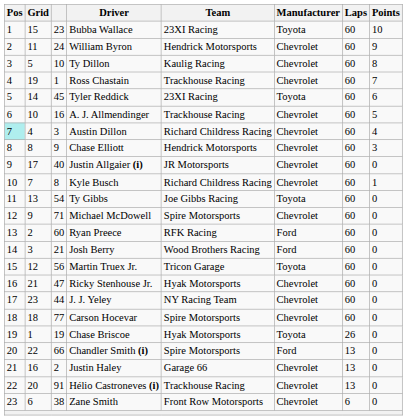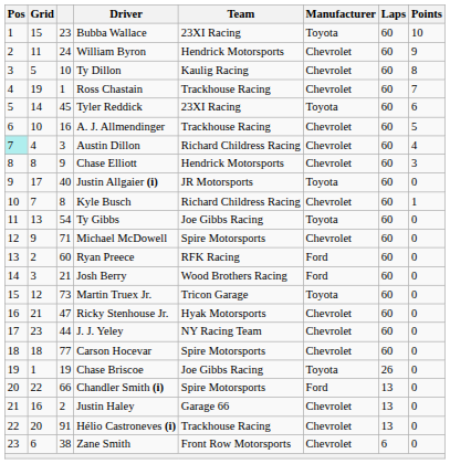 <table class="wikitable" style="font-size:98%">
 <tr>
 <th>Pos</th>
 <th>Grid</th>
 <th></th>
 <th>Driver</th>
 <th>Team</th>
 <th>Manufacturer</th>
 <th>Laps</th>
 <th>Points</th>
 </tr>
 <tr>
 <td>1</td>
 <td>15</td>
 <td>23</td>
 <td>Bubba Wallace</td>
 <td>23XI Racing</td>
 <td>Toyota</td>
 <td>60</td>
 <td>10</td>
 </tr>
 <tr>
 <td>2</td>
 <td>11</td>
 <td>24</td>
 <td>William Byron</td>
 <td>Hendrick Motorsports</td>
 <td>Chevrolet</td>
 <td>60</td>
 <td>9</td>
 </tr>
 <tr>
 <td>3</td>
 <td>5</td>
 <td>10</td>
 <td>Ty Dillon</td>
 <td>Kaulig Racing</td>
 <td>Chevrolet</td>
 <td>60</td>
 <td>8</td>
 </tr>
 <tr>
 <td>4</td>
 <td>19</td>
 <td>1</td>
 <td>Ross Chastain</td>
 <td>Trackhouse Racing</td>
 <td>Chevrolet</td>
 <td>60</td>
 <td>7</td>
 </tr>
 <tr>
 <td>5</td>
 <td>14</td>
 <td>45</td>
 <td>Tyler Reddick</td>
 <td>23XI Racing</td>
 <td>Toyota</td>
 <td>60</td>
 <td>6</td>
 </tr>
 <tr>
 <td>6</td>
 <td>10</td>
 <td>16</td>
 <td>A. J. Allmendinger</td>
 <td>Trackhouse Racing</td>
 <td>Chevrolet</td>
 <td>60</td>
 <td>5</td>
 </tr>
 <tr>
 <td style="background: paleturquoise;">7</td>
 <td>4</td>
 <td>3</td>
 <td>Austin Dillon</td>
 <td>Richard Childress Racing</td>
 <td>Chevrolet</td>
 <td>60</td>
 <td>4</td>
 </tr>
 <tr>
 <td>8</td>
 <td>8</td>
 <td>9</td>
 <td>Chase Elliott</td>
 <td>Hendrick Motorsports</td>
 <td>Chevrolet</td>
 <td>60</td>
 <td>3</td>
 </tr>
 <tr>
 <td>9</td>
 <td>17</td>
 <td>40</td>
 <td>Justin Allgaier <strong>(i)</strong></td>
 <td>JR Motorsports</td>
-<td>Chevrolet</td>
+<td>Toyota</td>
 <td>60</td>
 <td>0</td>
 </tr>
 <tr>
 <td>10</td>
 <td>7</td>
 <td>8</td>
 <td>Kyle Busch</td>
 <td>Richard Childress Racing</td>
 <td>Chevrolet</td>
 <td>60</td>
 <td>1</td>
 </tr>
 <tr>
 <td>11</td>
 <td>13</td>
 <td>54</td>
 <td>Ty Gibbs</td>
 <td>Joe Gibbs Racing</td>
 <td>Toyota</td>
 <td>60</td>
 <td>0</td>
 </tr>
 <tr>
 <td>12</td>
 <td>9</td>
 <td>71</td>
 <td>Michael McDowell</td>
 <td>Spire Motorsports</td>
 <td>Chevrolet</td>
 <td>60</td>
 <td>0</td>
 </tr>
 <tr>
 <td>13</td>
 <td>2</td>
 <td>60</td>
 <td>Ryan Preece</td>
 <td>RFK Racing</td>
 <td>Ford</td>
 <td>60</td>
 <td>0</td>
 </tr>
 <tr>
 <td>14</td>
 <td>3</td>
 <td>21</td>
 <td>Josh Berry</td>
 <td>Wood Brothers Racing</td>
 <td>Ford</td>
 <td>60</td>
 <td>0</td>
 </tr>
 <tr>
 <td>15</td>
 <td>12</td>
-<td>56</td>
+<td>73</td>
 <td>Martin Truex Jr.</td>
 <td>Tricon Garage</td>
 <td>Toyota</td>
 <td>60</td>
 <td>0</td>
 </tr>
 <tr>
 <td>16</td>
 <td>21</td>
 <td>47</td>
 <td>Ricky Stenhouse Jr.</td>
 <td>Hyak Motorsports</td>
 <td>Chevrolet</td>
 <td>60</td>
 <td>0</td>
 </tr>
 <tr>
 <td>17</td>
 <td>23</td>
 <td>44</td>
 <td>J. J. Yeley</td>
 <td>NY Racing Team</td>
 <td>Chevrolet</td>
 <td>60</td>
 <td>0</td>
 </tr>
 <tr>
 <td>18</td>
 <td>18</td>
 <td>77</td>
 <td>Carson Hocevar</td>
 <td>Spire Motorsports</td>
 <td>Chevrolet</td>
 <td>60</td>
 <td>0</td>
 </tr>
 <tr>
 <td>19</td>
 <td>1</td>
 <td>19</td>
 <td>Chase Briscoe</td>
-<td>Hyak Motorsports</td>
+<td>Joe Gibbs Racing</td>
 <td>Toyota</td>
 <td>26</td>
 <td>0</td>
 </tr>
 <tr>
 <td>20</td>
 <td>22</td>
 <td>66</td>
 <td>Chandler Smith <strong>(i)</strong></td>
 <td>Spire Motorsports</td>
 <td>Ford</td>
 <td>13</td>
 <td>0</td>
 </tr>
 <tr>
 <td>21</td>
 <td>16</td>
 <td>2</td>
 <td>Justin Haley</td>
 <td>Garage 66</td>
 <td>Chevrolet</td>
 <td>13</td>
 <td>0</td>
 </tr>
 <tr>
 <td>22</td>
 <td>20</td>
 <td>91</td>
 <td>Hélio Castroneves <strong>(i)</strong></td>
 <td>Trackhouse Racing</td>
 <td>Chevrolet</td>
 <td>13</td>
 <td>0</td>
 </tr>
 <tr>
 <td>23</td>
 <td>6</td>
 <td>38</td>
 <td>Zane Smith</td>
 <td>Front Row Motorsports</td>
 <td>Chevrolet</td>
 <td>6</td>
 <td>0</td>
 </tr>
 <tr>
 <th colspan="8"></th>
 </tr>
 </table>
